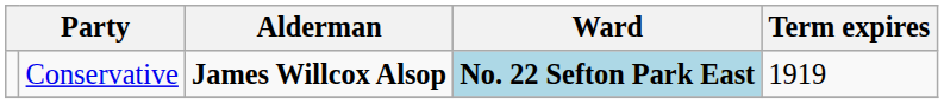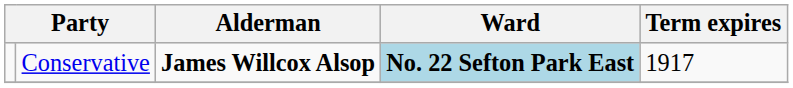 <table class="wikitable">
 <tr>
 <th colspan="2">Party</th>
 <th>Alderman</th>
 <th>Ward</th>
 <th>Term expires</th>
 </tr>
 <tr>
 <td style="background-color:"></td>
 <td><a href='#'>Conservative</a></td>
 <td><strong>James Willcox Alsop</strong></td>
 <td style="background: lightblue;"><strong>No. 22 Sefton Park East</strong></td>
-<td>1919</td>
+<td>1917</td>
 </tr>
 <tr>
 </tr>
 </table>
